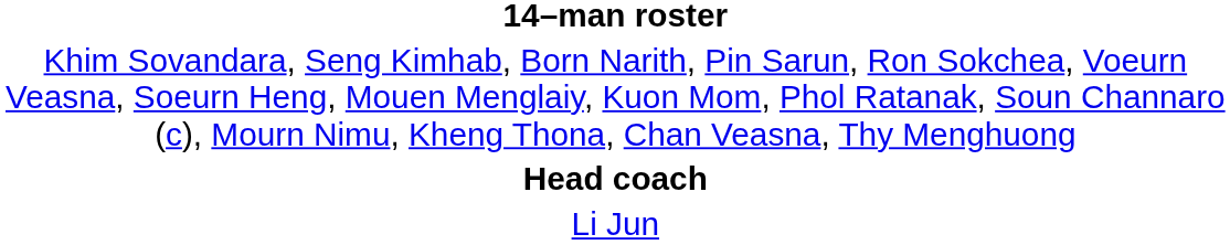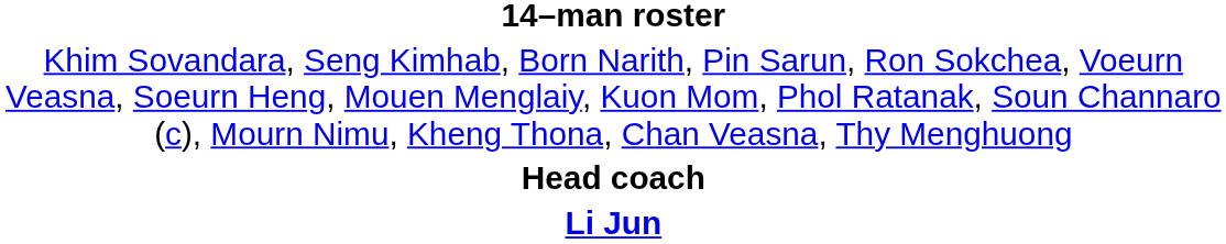 <table style="text-align:center; margin-top:2em; margin-left:auto; margin-right:auto">
 <tr>
 <td><strong>14–man roster</strong></td>
 </tr>
 <tr>
 <td><a href='#'>Khim Sovandara</a>, <a href='#'>Seng Kimhab</a>, <a href='#'>Born Narith</a>, <a href='#'>Pin Sarun</a>, <a href='#'>Ron Sokchea</a>, <a href='#'>Voeurn Veasna</a>, <a href='#'>Soeurn Heng</a>, <a href='#'>Mouen Menglaiy</a>, <a href='#'>Kuon Mom</a>, <a href='#'>Phol Ratanak</a>, <a href='#'>Soun Channaro</a> (<a href='#'>c</a>), <a href='#'>Mourn Nimu</a>, <a href='#'>Kheng Thona</a>, <a href='#'>Chan Veasna</a>, <a href='#'>Thy Menghuong</a></td>
 </tr>
 <tr>
 <td><strong>Head coach</strong></td>
 </tr>
 <tr>
-<td> <a href='#'>Li Jun</a></td>
+<td><strong> <a href='#'>Li Jun</a></strong></td>
 </tr>
 </table>
